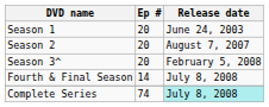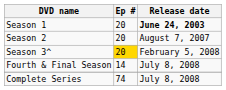 <table class="wikitable">
 <tr>
 <th>DVD name</th>
 <th>Ep #</th>
 <th>Release date</th>
 </tr>
 <tr>
 <td>Season 1</td>
 <td>20</td>
-<td>June 24, 2003</td>
+<td><strong>June 24, 2003</strong></td>
 </tr>
 <tr>
 <td>Season 2</td>
 <td>20</td>
 <td>August 7, 2007</td>
 </tr>
 <tr>
 <td>Season 3^</td>
-<td>20</td>
+<td style="background: gold;">20</td>
 <td>February 5, 2008</td>
 </tr>
 <tr>
 <td>Fourth & Final Season</td>
 <td>14</td>
 <td>July 8, 2008</td>
 </tr>
 <tr>
 </tr>
 <tr>
 <td>Complete Series</td>
 <td>74</td>
-<td style="background: paleturquoise;">July 8, 2008 </td>
+<td>July 8, 2008 </td>
 </tr>
 </table>
